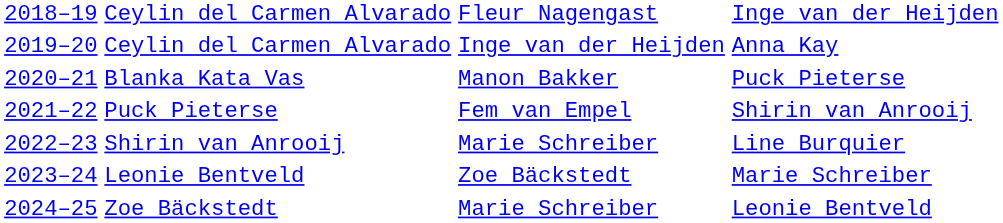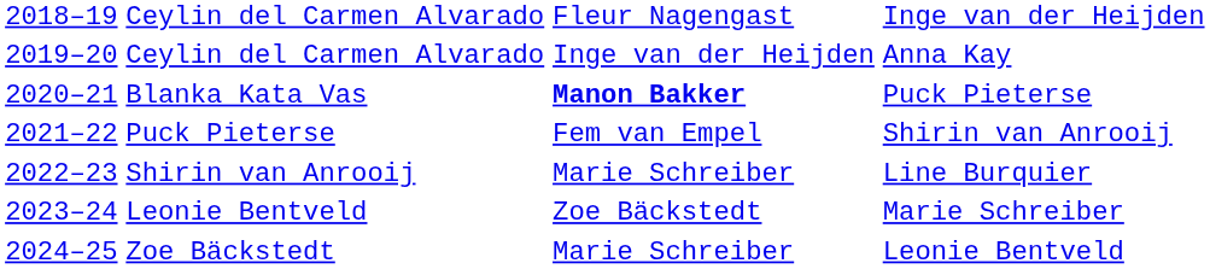 <table>
 <tr>
 <td><a href='#'>2018–19</a></td>
 <td> <a href='#'>Ceylin del Carmen Alvarado</a></td>
 <td> <a href='#'>Fleur Nagengast</a></td>
 <td> <a href='#'>Inge van der Heijden</a></td>
 </tr>
 <tr>
 <td><a href='#'>2019–20</a></td>
 <td> <a href='#'>Ceylin del Carmen Alvarado</a></td>
 <td> <a href='#'>Inge van der Heijden</a></td>
 <td> <a href='#'>Anna Kay</a></td>
 </tr>
 <tr>
 <td><a href='#'>2020–21</a></td>
 <td> <a href='#'>Blanka Kata Vas</a></td>
-<td> <a href='#'>Manon Bakker</a></td>
+<td><strong> <a href='#'>Manon Bakker</a></strong></td>
 <td> <a href='#'>Puck Pieterse</a></td>
 </tr>
 <tr>
 <td><a href='#'>2021–22</a></td>
 <td> <a href='#'>Puck Pieterse</a></td>
 <td> <a href='#'>Fem van Empel</a></td>
 <td> <a href='#'>Shirin van Anrooij</a></td>
 </tr>
 <tr>
 <td><a href='#'>2022–23</a></td>
 <td> <a href='#'>Shirin van Anrooij</a></td>
 <td> <a href='#'>Marie Schreiber</a></td>
 <td> <a href='#'>Line Burquier</a></td>
 </tr>
 <tr>
 <td><a href='#'>2023–24</a></td>
 <td> <a href='#'>Leonie Bentveld</a></td>
 <td> <a href='#'>Zoe Bäckstedt</a></td>
 <td> <a href='#'>Marie Schreiber</a></td>
 </tr>
 <tr>
 <td><a href='#'>2024–25</a></td>
 <td> <a href='#'>Zoe Bäckstedt</a></td>
 <td> <a href='#'>Marie Schreiber</a></td>
 <td> <a href='#'>Leonie Bentveld</a></td>
 </tr>
 </table>
